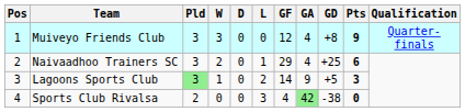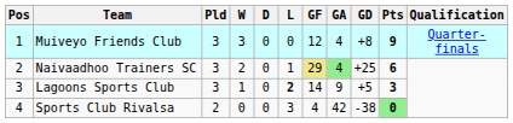 <table class="wikitable" style="text-align:center">
 <tr>
 <th style="width:20px;" abbr="Position">Pos</th>
 <th width=175>Team</th>
 <th style="width:20px;" abbr="Played">Pld</th>
 <th style="width:20px;" abbr="Won">W</th>
 <th style="width:20px;" abbr="Drawn">D</th>
 <th style="width:20px;" abbr="Lost">L</th>
 <th style="width:20px;" abbr="Goals for">GF</th>
 <th style="width:20px;" abbr="Goals against">GA</th>
 <th style="width:20px;" abbr="Goal difference">GD</th>
 <th style="width:20px;" abbr="Points">Pts</th>
 <th style="width:20px;">Qualification</th>
 </tr>
 <tr style="background:#cff;">
 <td>1</td>
 <td align=left>Muiveyo Friends Club</td>
 <td>3</td>
 <td>3</td>
 <td>0</td>
 <td>0</td>
 <td>12</td>
 <td>4</td>
 <td>+8</td>
 <td><strong>9</strong></td>
 <td><a href='#'>Quarter-finals</a></td>
 </tr>
 <tr>
 <td>2</td>
 <td align=left>Naivaadhoo Trainers SC</td>
 <td>3</td>
 <td>2</td>
 <td>0</td>
 <td>1</td>
-<td>29</td>
-<td>4</td>
+<td style="background: khaki;">29</td>
+<td style="background: lightgreen;">4</td>
 <td>+25</td>
 <td><strong>6</strong></td>
 </tr>
 <tr>
 <td>3</td>
 <td align=left>Lagoons Sports Club</td>
-<td style="background: lightgreen;">3</td>
+<td>3</td>
 <td>1</td>
 <td>0</td>
-<td>2</td>
+<td><strong>2</strong></td>
 <td>14</td>
 <td>9</td>
 <td>+5</td>
 <td><strong>3</strong></td>
 </tr>
 <tr>
 <td>4</td>
 <td align=left>Sports Club Rivalsa</td>
 <td>2</td>
 <td>0</td>
 <td>0</td>
 <td>3</td>
 <td>4</td>
-<td style="background: lightgreen;">42</td>
+<td>42</td>
 <td>-38</td>
-<td><strong>0</strong></td>
+<td style="background: lightgreen;"><strong>0</strong></td>
 </tr>
 </table>
